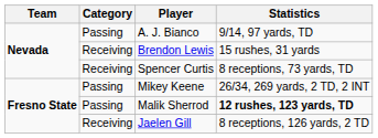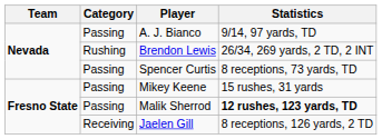 <table class="wikitable" style="float: right;">
 <tr>
 <th>Team</th>
 <th>Category</th>
 <th>Player</th>
 <th>Statistics</th>
 </tr>
 <tr>
 <td rowspan=3><strong>Nevada</strong></td>
 <td>Passing</td>
 <td>A. J. Bianco</td>
 <td>9/14, 97 yards, TD</td>
 </tr>
 <tr>
-<td>Receiving</td>
+<td>Rushing</td>
 <td><a href='#'>Brendon Lewis</a></td>
-<td>15 rushes, 31 yards</td>
+<td>26/34, 269 yards, 2 TD, 2 INT</td>
 </tr>
 <tr>
-<td>Receiving</td>
+<td>Passing</td>
 <td>Spencer Curtis</td>
 <td>8 receptions, 73 yards, TD</td>
 </tr>
 <tr>
 <td rowspan=3><strong>Fresno State</strong></td>
 <td>Passing</td>
 <td>Mikey Keene</td>
-<td>26/34, 269 yards, 2 TD, 2 INT</td>
+<td>15 rushes, 31 yards</td>
 </tr>
 <tr>
 <td>Passing</td>
 <td>Malik Sherrod</td>
 <td><strong>12 rushes, 123 yards, TD</strong></td>
 </tr>
 <tr>
 <td>Receiving</td>
 <td><a href='#'>Jaelen Gill</a></td>
 <td>8 receptions, 126 yards, 2 TD</td>
 </tr>
 </table>
